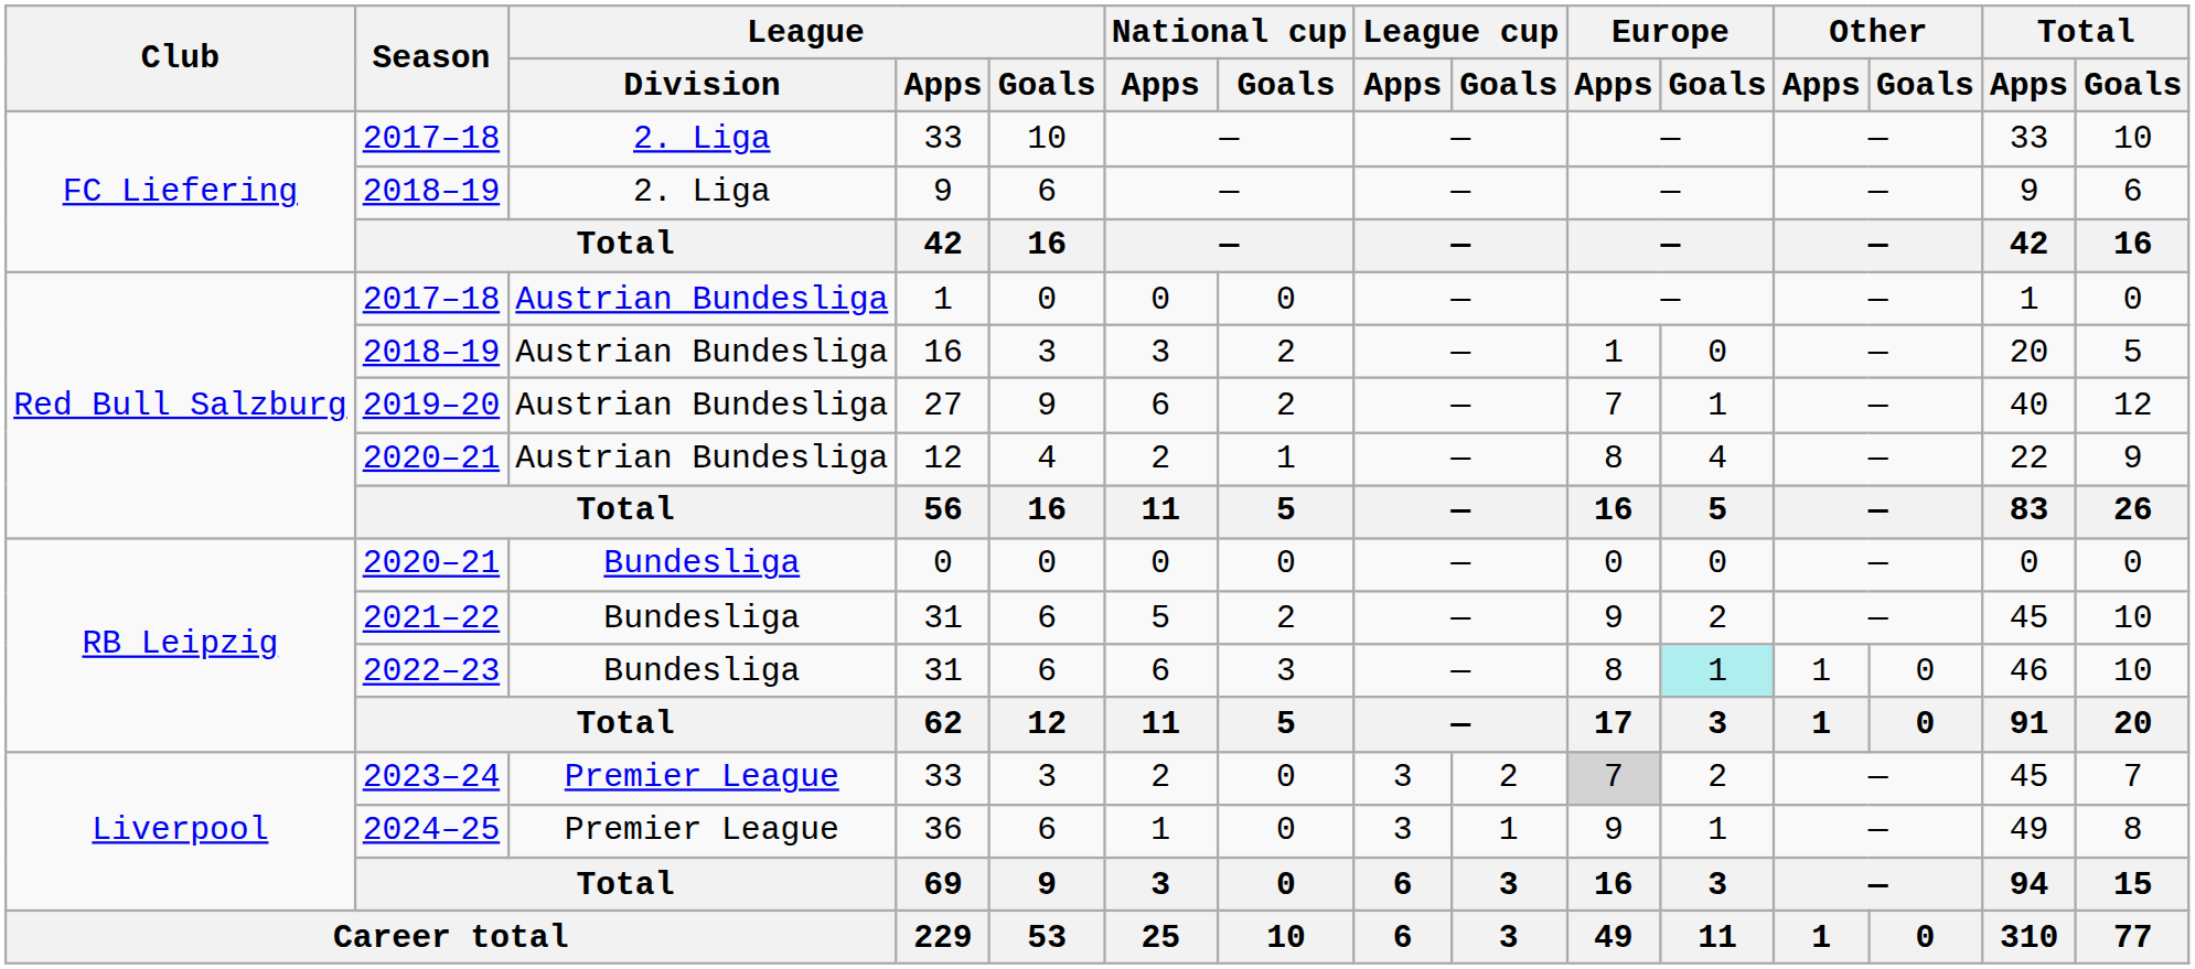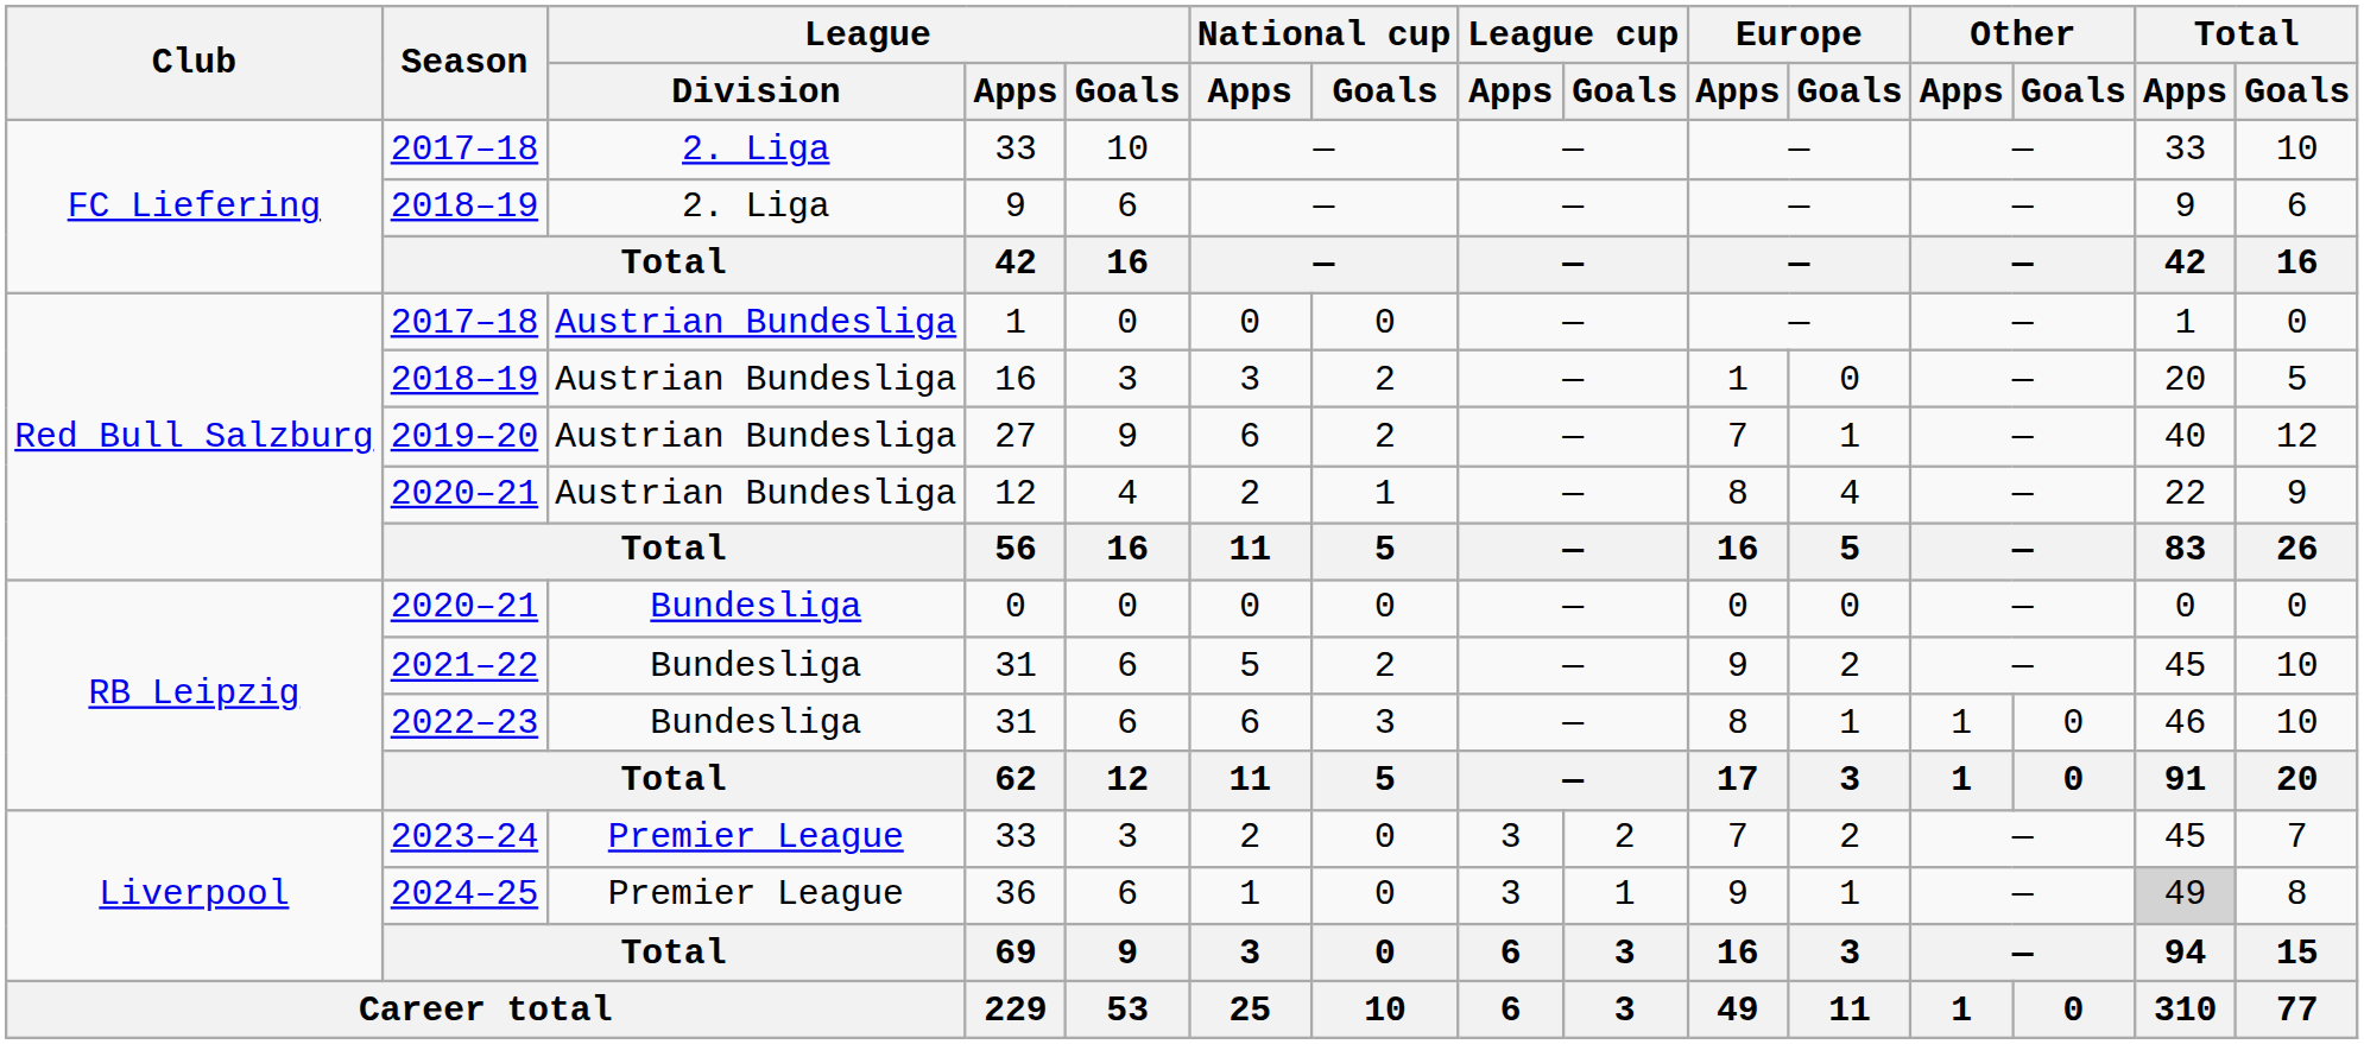 <table class="wikitable" style="text-align: center;">
 <tr>
 <th rowspan="2">Club</th>
 <th rowspan="2">Season</th>
 <th colspan="3">League</th>
 <th colspan="2">National cup</th>
 <th colspan="2">League cup</th>
 <th colspan="2">Europe</th>
 <th colspan="2">Other</th>
 <th colspan="2">Total</th>
 </tr>
 <tr>
 <th>Division</th>
 <th>Apps</th>
 <th>Goals</th>
 <th>Apps</th>
 <th>Goals</th>
 <th>Apps</th>
 <th>Goals</th>
 <th>Apps</th>
 <th>Goals</th>
 <th>Apps</th>
 <th>Goals</th>
 <th>Apps</th>
 <th>Goals</th>
 </tr>
 <tr>
 <td rowspan="3"><a href='#'>FC Liefering</a></td>
 <td><a href='#'>2017–18</a></td>
 <td><a href='#'>2. Liga</a></td>
 <td>33</td>
 <td>10</td>
 <td colspan="2">—</td>
 <td colspan="2">—</td>
 <td colspan="2">—</td>
 <td colspan="2">—</td>
 <td>33</td>
 <td>10</td>
 </tr>
 <tr>
 <td><a href='#'>2018–19</a></td>
 <td>2. Liga</td>
 <td>9</td>
 <td>6</td>
 <td colspan="2">—</td>
 <td colspan="2">—</td>
 <td colspan="2">—</td>
 <td colspan="2">—</td>
 <td>9</td>
 <td>6</td>
 </tr>
 <tr>
 <th colspan="2">Total</th>
 <th>42</th>
 <th>16</th>
 <th colspan="2">—</th>
 <th colspan="2">—</th>
 <th colspan="2">—</th>
 <th colspan="2">—</th>
 <th>42</th>
 <th>16</th>
 </tr>
 <tr>
 <td rowspan="5"><a href='#'>Red Bull Salzburg</a></td>
 <td><a href='#'>2017–18</a></td>
 <td><a href='#'>Austrian Bundesliga</a></td>
 <td>1</td>
 <td>0</td>
 <td>0</td>
 <td>0</td>
 <td colspan="2">—</td>
 <td colspan="2">—</td>
 <td colspan="2">—</td>
 <td>1</td>
 <td>0</td>
 </tr>
 <tr>
 <td><a href='#'>2018–19</a></td>
 <td>Austrian Bundesliga</td>
 <td>16</td>
 <td>3</td>
 <td>3</td>
 <td>2</td>
 <td colspan="2">—</td>
 <td>1</td>
 <td>0</td>
 <td colspan="2">—</td>
 <td>20</td>
 <td>5</td>
 </tr>
 <tr>
 <td><a href='#'>2019–20</a></td>
 <td>Austrian Bundesliga</td>
 <td>27</td>
 <td>9</td>
 <td>6</td>
 <td>2</td>
 <td colspan="2">—</td>
 <td>7</td>
 <td>1</td>
 <td colspan="2">—</td>
 <td>40</td>
 <td>12</td>
 </tr>
 <tr>
 <td><a href='#'>2020–21</a></td>
 <td>Austrian Bundesliga</td>
 <td>12</td>
 <td>4</td>
 <td>2</td>
 <td>1</td>
 <td colspan="2">—</td>
 <td>8</td>
 <td>4</td>
 <td colspan="2">—</td>
 <td>22</td>
 <td>9</td>
 </tr>
 <tr>
 <th colspan="2">Total</th>
 <th>56</th>
 <th>16</th>
 <th>11</th>
 <th>5</th>
 <th colspan="2">—</th>
 <th>16</th>
 <th>5</th>
 <th colspan="2">—</th>
 <th>83</th>
 <th>26</th>
 </tr>
 <tr>
 <td rowspan="4"><a href='#'>RB Leipzig</a></td>
 <td><a href='#'>2020–21</a></td>
 <td><a href='#'>Bundesliga</a></td>
 <td>0</td>
 <td>0</td>
 <td>0</td>
 <td>0</td>
 <td colspan="2">—</td>
 <td>0</td>
 <td>0</td>
 <td colspan="2">—</td>
 <td>0</td>
 <td>0</td>
 </tr>
 <tr>
 <td><a href='#'>2021–22</a></td>
 <td>Bundesliga</td>
 <td>31</td>
 <td>6</td>
 <td>5</td>
 <td>2</td>
 <td colspan="2">—</td>
 <td>9</td>
 <td>2</td>
 <td colspan="2">—</td>
 <td>45</td>
 <td>10</td>
 </tr>
 <tr>
 <td><a href='#'>2022–23</a></td>
 <td>Bundesliga</td>
 <td>31</td>
 <td>6</td>
 <td>6</td>
 <td>3</td>
 <td colspan="2">—</td>
 <td>8</td>
-<td style="background: paleturquoise;">1</td>
+<td>1</td>
 <td>1</td>
 <td>0</td>
 <td>46</td>
 <td>10</td>
 </tr>
 <tr>
 <th colspan="2">Total</th>
 <th>62</th>
 <th>12</th>
 <th>11</th>
 <th>5</th>
 <th colspan="2">—</th>
 <th>17</th>
 <th>3</th>
 <th>1</th>
 <th>0</th>
 <th>91</th>
 <th>20</th>
 </tr>
 <tr>
 <td rowspan="3"><a href='#'>Liverpool</a></td>
 <td><a href='#'>2023–24</a></td>
 <td><a href='#'>Premier League</a></td>
 <td>33</td>
 <td>3</td>
 <td>2</td>
 <td>0</td>
 <td>3</td>
 <td>2</td>
-<td style="background: lightgrey;">7</td>
+<td>7</td>
 <td>2</td>
 <td colspan="2">—</td>
 <td>45</td>
 <td>7</td>
 </tr>
 <tr>
 <td><a href='#'>2024–25</a></td>
 <td>Premier League</td>
 <td>36</td>
 <td>6</td>
 <td>1</td>
 <td>0</td>
 <td>3</td>
 <td>1</td>
 <td>9</td>
 <td>1</td>
 <td colspan="2">—</td>
-<td>49</td>
+<td style="background: lightgrey;">49</td>
 <td>8</td>
 </tr>
 <tr>
 <th colspan="2">Total</th>
 <th>69</th>
 <th>9</th>
 <th>3</th>
 <th>0</th>
 <th>6</th>
 <th>3</th>
 <th>16</th>
 <th>3</th>
 <th colspan="2">—</th>
 <th>94</th>
 <th>15</th>
 </tr>
 <tr>
 <th colspan="3">Career total</th>
 <th>229</th>
 <th>53</th>
 <th>25</th>
 <th>10</th>
 <th>6</th>
 <th>3</th>
 <th>49</th>
 <th>11</th>
 <th>1</th>
 <th>0</th>
 <th>310</th>
 <th>77</th>
 </tr>
 </table>
